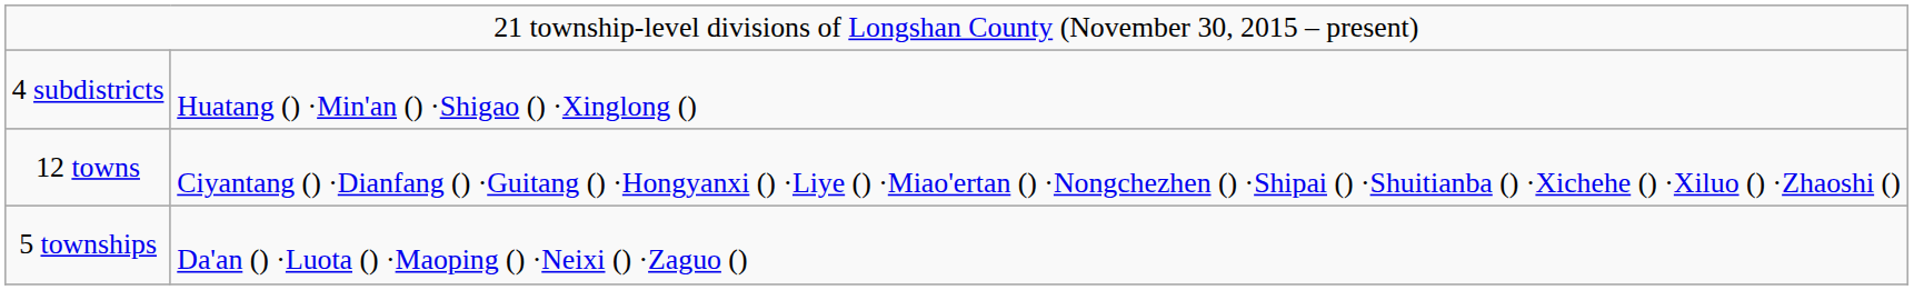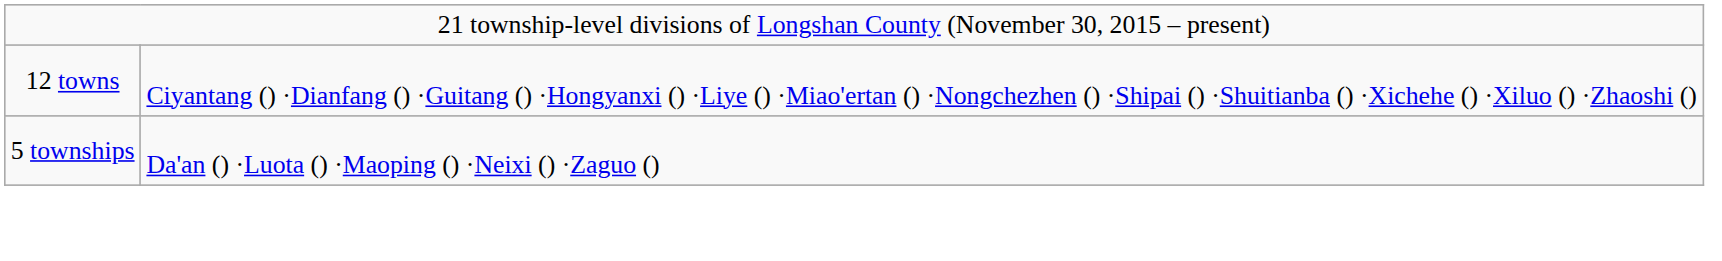 <table class="wikitable">
 <tr>
 <td style="text-align:center;" colspan="2">21 township-level divisions of <a href='#'>Longshan County</a> (November 30, 2015 – present)</td>
-</tr>
-<tr align=left>
-<td align=center>4 <a href='#'>subdistricts</a></td>
-<td><br><a href='#'>Huatang</a> () ·<a href='#'>Min'an</a> () ·<a href='#'>Shigao</a> () ·<a href='#'>Xinglong</a> ()</td>
 </tr>
 <tr align=left>
 <td align=center>12 <a href='#'>towns</a></td>
 <td><br><a href='#'>Ciyantang</a> () ·<a href='#'>Dianfang</a> () ·<a href='#'>Guitang</a> () ·<a href='#'>Hongyanxi</a> () ·<a href='#'>Liye</a> () ·<a href='#'>Miao'ertan</a> () ·<a href='#'>Nongchezhen</a> () ·<a href='#'>Shipai</a> () ·<a href='#'>Shuitianba</a> () ·<a href='#'>Xichehe</a> () ·<a href='#'>Xiluo</a> () ·<a href='#'>Zhaoshi</a> ()</td>
 </tr>
 <tr align=left>
 <td align=center>5 <a href='#'>townships</a></td>
 <td><br><a href='#'>Da'an</a> () ·<a href='#'>Luota</a> () ·<a href='#'>Maoping</a> () ·<a href='#'>Neixi</a> () ·<a href='#'>Zaguo</a> ()</td>
 </tr>
 </table>
